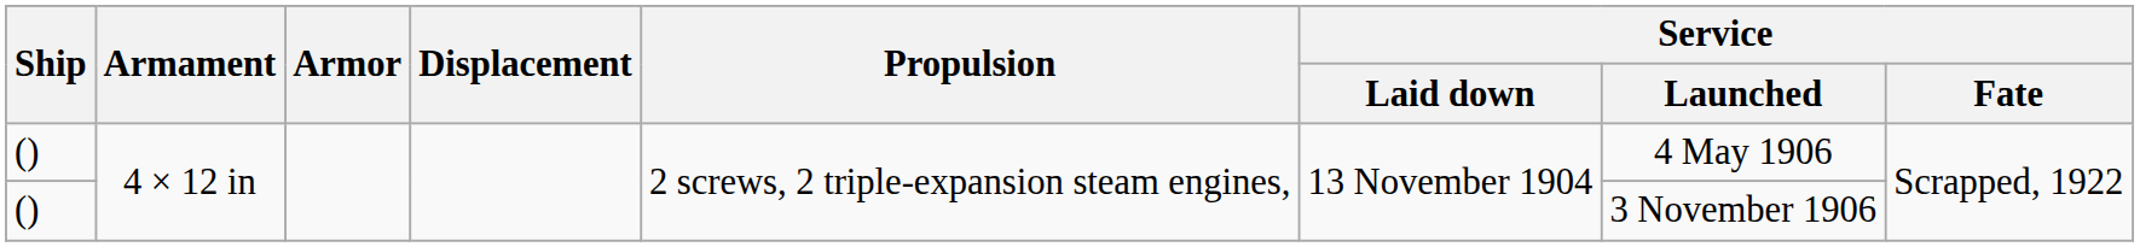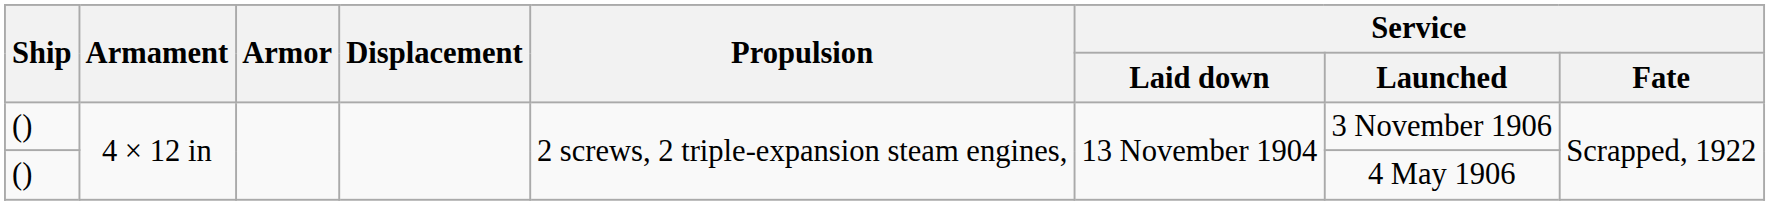 <table class="wikitable">
 <tr valign="center">
 <th align= center rowspan=2>Ship</th>
 <th align= center rowspan=2>Armament</th>
 <th align= center rowspan=2>Armor</th>
 <th align= center rowspan=2>Displacement</th>
 <th align= center rowspan=2>Propulsion</th>
 <th align= center colspan=3>Service</th>
 </tr>
 <tr valign="top">
 <th align= center>Laid down</th>
 <th align= center>Launched</th>
 <th align= center>Fate</th>
 </tr>
 <tr valign="center">
 <td align= left> ()</td>
 <td align= center rowspan=2>4 × 12 in</td>
 <td align= center rowspan=2></td>
 <td align= center rowspan=2></td>
 <td align= center rowspan=2>2 screws, 2 triple-expansion steam engines, </td>
 <td align= center rowspan=2>13 November 1904</td>
-<td align= center>4 May 1906</td>
+<td align= center>3 November 1906</td>
 <td align= center rowspan=2>Scrapped, 1922</td>
 </tr>
 <tr valign="center">
 <td align= left> ()</td>
-<td align= center>3 November 1906</td>
+<td align= center>4 May 1906</td>
 </tr>
 </table>
